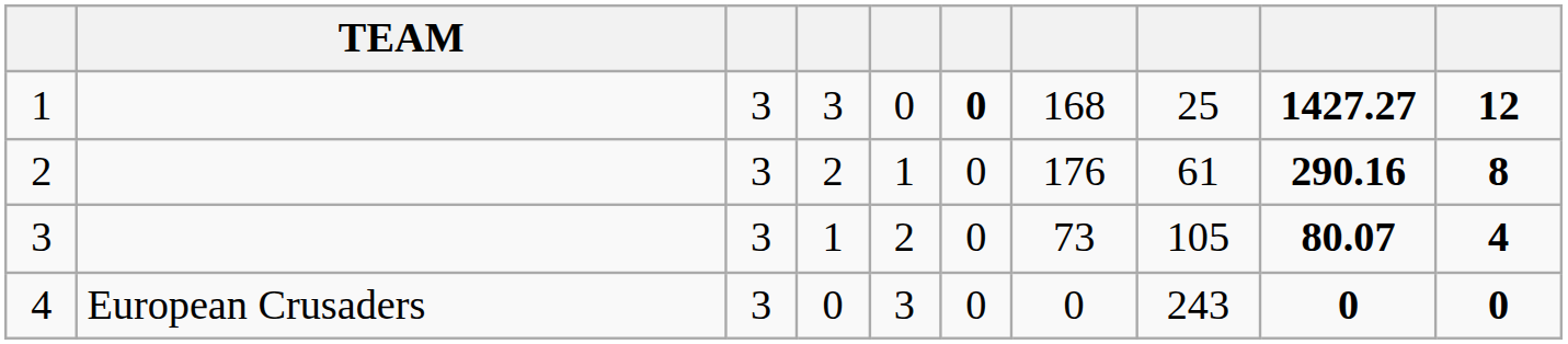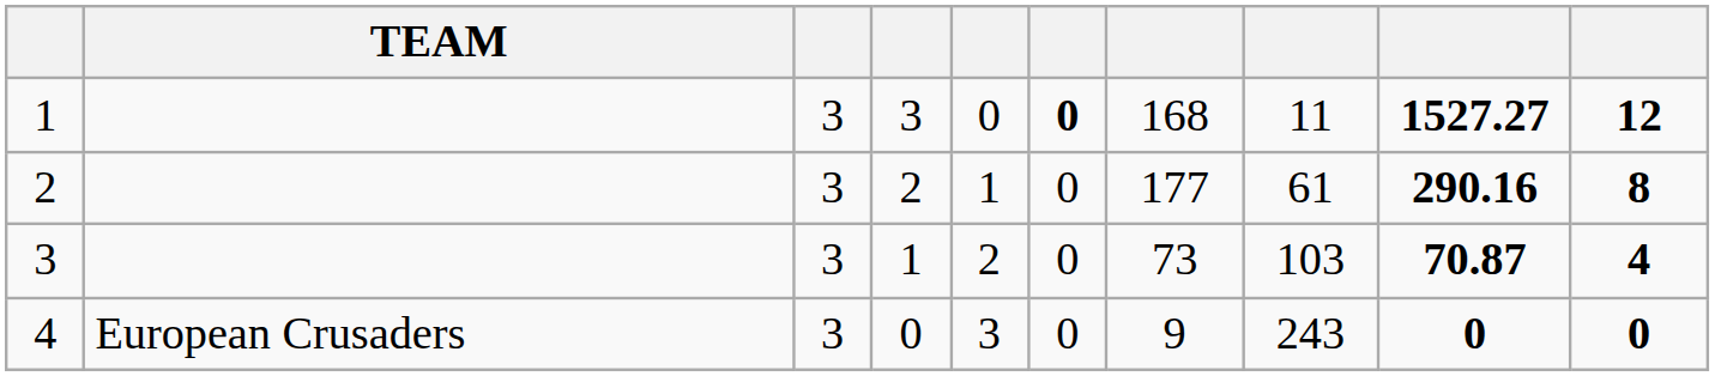 <table class="wikitable" style="text-align: center;">
 <tr>
 <th width=20></th>
 <th width=240>TEAM</th>
 <th width=20></th>
 <th width=20></th>
 <th width=20></th>
 <th width=20></th>
 <th width=40></th>
 <th width=40></th>
 <th width=60></th>
 <th width=40></th>
 </tr>
 <tr>
 <td>1</td>
 <td align="left"></td>
 <td>3</td>
 <td>3</td>
 <td>0</td>
 <td><strong>0</strong></td>
 <td>168</td>
-<td>25</td>
-<td><strong>1427.27</strong></td>
+<td>11</td>
+<td><strong>1527.27</strong></td>
 <td><strong>12</strong></td>
 </tr>
 <tr>
 <td>2</td>
 <td align="left"></td>
 <td>3</td>
 <td>2</td>
 <td>1</td>
 <td>0</td>
-<td>176</td>
+<td>177</td>
 <td>61</td>
 <td><strong>290.16</strong></td>
 <td><strong>8</strong></td>
 </tr>
 <tr>
 <td>3</td>
 <td align="left"></td>
 <td>3</td>
 <td>1</td>
 <td>2</td>
 <td>0</td>
 <td>73</td>
-<td>105</td>
-<td><strong>80.07</strong></td>
+<td>103</td>
+<td><strong>70.87</strong></td>
 <td><strong>4</strong></td>
 </tr>
 <tr>
 <td>4</td>
 <td align="left"> European Crusaders</td>
 <td>3</td>
 <td>0</td>
 <td>3</td>
 <td>0</td>
-<td>0</td>
+<td>9</td>
 <td>243</td>
 <td><strong>0</strong></td>
 <td><strong>0</strong></td>
 </tr>
 </table>
